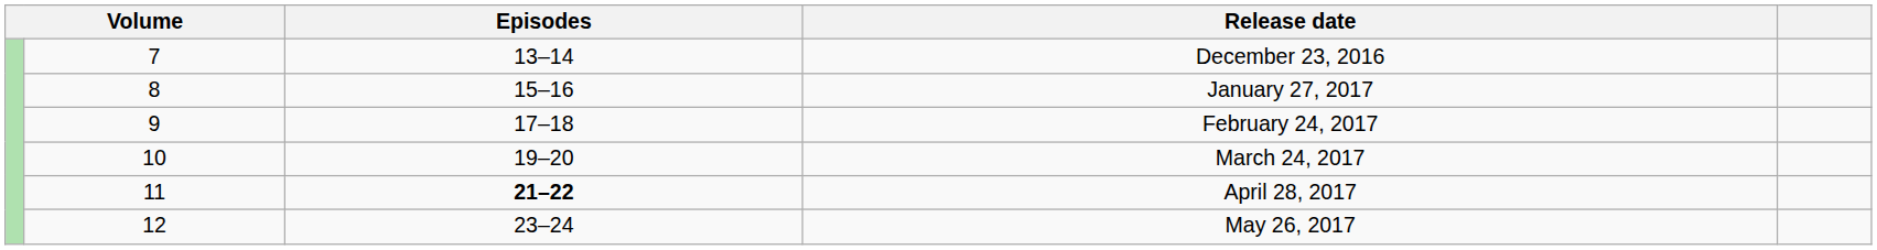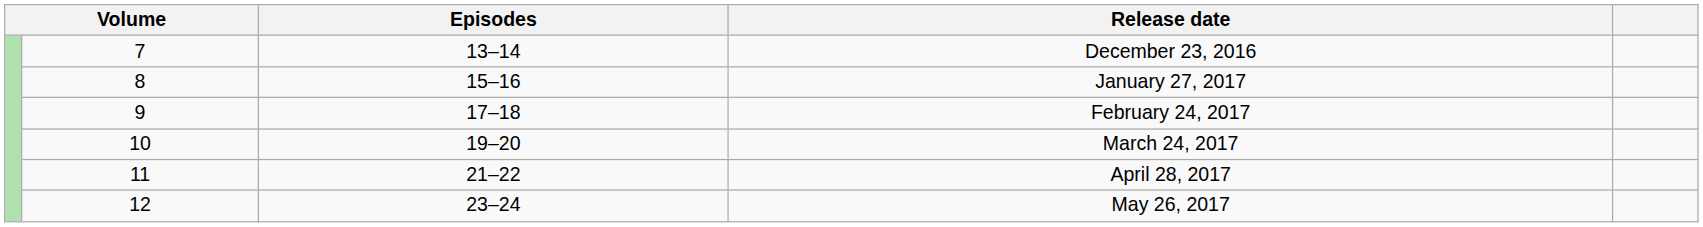 <table class="wikitable" style="text-align: center; width: 70%;">
 <tr>
 <th colspan="2" width="15%">Volume</th>
 <th>Episodes</th>
 <th>Release date</th>
 <th width="5%"></th>
 </tr>
 <tr>
 <td rowspan="6" width="1%" style="background: #AFE1AF"></td>
 <td>7</td>
 <td>13–14</td>
 <td>December 23, 2016</td>
 <td></td>
 </tr>
 <tr>
 <td>8</td>
 <td>15–16</td>
 <td>January 27, 2017</td>
 <td></td>
 </tr>
 <tr>
 <td>9</td>
 <td>17–18</td>
 <td>February 24, 2017</td>
 <td></td>
 </tr>
 <tr>
 <td>10</td>
 <td>19–20</td>
 <td>March 24, 2017</td>
 <td></td>
 </tr>
 <tr>
 <td>11</td>
-<td><strong>21–22</strong></td>
+<td>21–22</td>
 <td>April 28, 2017</td>
 <td></td>
 </tr>
 <tr>
 <td>12</td>
 <td>23–24</td>
 <td>May 26, 2017</td>
 <td></td>
 </tr>
 </table>
